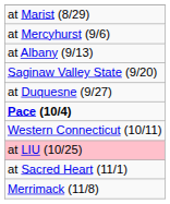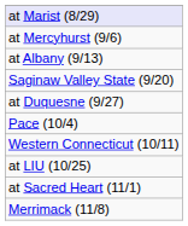 <table class="wikitable">
 <tr>
 </tr>
 <tr>
-<td>at <a href='#'>Marist</a> (8/29)</td>
+<td style="background: lavender;">at <a href='#'>Marist</a> (8/29)</td>
 </tr>
 <tr>
 <td>at <a href='#'>Mercyhurst</a> (9/6)</td>
 </tr>
 <tr>
 <td>at <a href='#'>Albany</a> (9/13)</td>
 </tr>
 <tr>
 <td><a href='#'>Saginaw Valley State</a> (9/20)</td>
 </tr>
 <tr>
 <td>at <a href='#'>Duquesne</a> (9/27)</td>
 </tr>
 <tr>
-<td><strong><a href='#'>Pace</a> (10/4)</strong></td>
+<td><a href='#'>Pace</a> (10/4)</td>
 </tr>
 <tr>
 <td><a href='#'>Western Connecticut</a> (10/11)</td>
 </tr>
 <tr>
-<td style="background: pink;">at <a href='#'>LIU</a> (10/25)</td>
+<td>at <a href='#'>LIU</a> (10/25)</td>
 </tr>
 <tr>
 <td>at <a href='#'>Sacred Heart</a> (11/1)</td>
 </tr>
 <tr>
 <td><a href='#'>Merrimack</a> (11/8)</td>
 </tr>
 </table>
